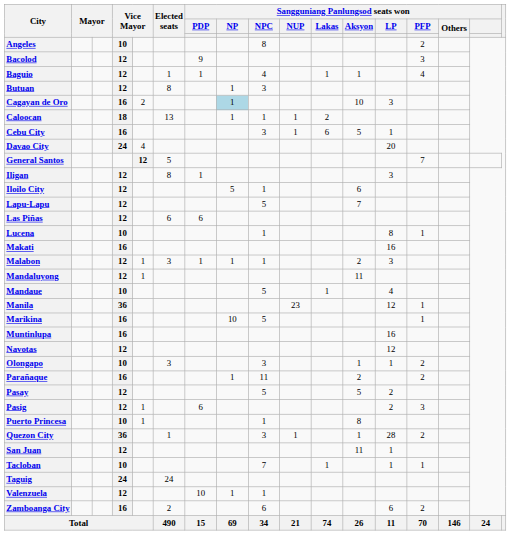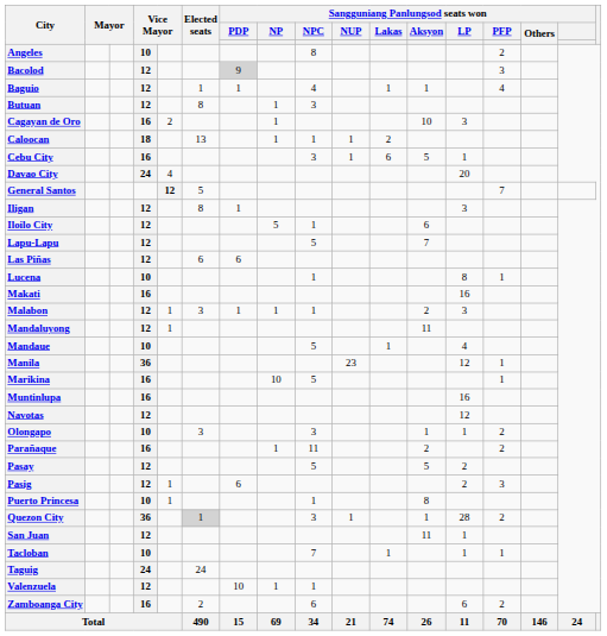 <table class="wikitable" style="text-align:center; font-size: 0.9em;">
 <tr>
 <th rowspan="3">City</th>
 <th colspan="2" rowspan="3" style="width:60px;">Mayor</th>
 <th colspan="2" rowspan="3" style="width:60px;">Vice Mayor</th>
 <th rowspan="3">Elected<br>seats</th>
 <th colspan="10"><a href='#'>Sangguniang Panlungsod</a> seats won</th>
 <th rowspan="3"></th>
 </tr>
 <tr>
 <th class="unsortable" style="width:45px;"><a href='#'>PDP</a></th>
 <th class="unsortable" style="width:45px;"><a href='#'>NP</a></th>
 <th class="unsortable" style="width:45px;"><a href='#'>NPC</a></th>
 <th class="unsortable" style="width:45px;"><a href='#'>NUP</a></th>
 <th class="unsortable" style="width:45px;"><a href='#'>Lakas</a></th>
 <th class="unsortable" style="width:45px;"><a href='#'>Aksyon</a></th>
 <th class="unsortable" style="width:45px;"><a href='#'>LP</a></th>
 <th class="unsortable" style="width:45px;"><a href='#'>PFP</a></th>
 <th rowspan="2" class="unsortable" style="width:45px;">Others</th>
 <th class="unsortable" style="width:45px;"></th>
 </tr>
 <tr>
 <th style="color:inherit;background:"></th>
 <th style="color:inherit;background:"></th>
 <th style="color:inherit;background:"></th>
 <th style="color:inherit;background:"></th>
 <th style="color:inherit;background:"></th>
 <th style="color:inherit;background:"></th>
 <th style="color:inherit;background:"></th>
 <th style="color:inherit;background:"></th>
 <th style="color:inherit;background:"></th>
 </tr>
 <tr>
 <th style="text-align: left;"><a href='#'>Angeles</a></th>
 <td></td>
 <td></td>
 <th>10</th>
 <td></td>
 <td></td>
 <td></td>
 <td></td>
 <td>8</td>
 <td></td>
 <td></td>
 <td></td>
 <td></td>
 <td>2</td>
 <td></td>
 </tr>
 <tr>
 <th style="text-align: left;"><a href='#'>Bacolod</a></th>
 <td></td>
 <td></td>
 <th>12</th>
 <td></td>
 <td></td>
-<td>9</td>
+<td style="background: lightgrey;">9</td>
 <td></td>
 <td></td>
 <td></td>
 <td></td>
 <td></td>
 <td></td>
 <td>3</td>
 <td></td>
 </tr>
 <tr>
 <th style="text-align: left;"><a href='#'>Baguio</a></th>
 <td></td>
 <td></td>
 <th>12</th>
 <td></td>
 <td>1</td>
 <td>1</td>
 <td></td>
 <td>4</td>
 <td></td>
 <td>1</td>
 <td>1</td>
 <td></td>
 <td>4</td>
 <td></td>
 </tr>
 <tr>
 <th style="text-align: left;"><a href='#'>Butuan</a></th>
 <td></td>
 <td></td>
 <th>12</th>
 <td></td>
 <td>8</td>
 <td></td>
 <td>1</td>
 <td>3</td>
 <td></td>
 <td></td>
 <td></td>
 <td></td>
 <td></td>
 <td></td>
 </tr>
 <tr>
 <th style="text-align: left;"><a href='#'>Cagayan de Oro</a></th>
 <td></td>
 <td></td>
 <th>16</th>
 <td>2</td>
 <td></td>
 <td></td>
-<td style="background: lightblue;">1</td>
+<td>1</td>
 <td></td>
 <td></td>
 <td></td>
 <td>10</td>
 <td>3</td>
 <td></td>
 <td></td>
 </tr>
 <tr>
 <th style="text-align: left;"><a href='#'>Caloocan</a></th>
 <td></td>
 <td></td>
 <th>18</th>
 <td></td>
 <td>13</td>
 <td></td>
 <td>1</td>
 <td>1</td>
 <td>1</td>
 <td>2</td>
 <td></td>
 <td></td>
 <td></td>
 <td></td>
 </tr>
 <tr>
 <th style="text-align: left;"><a href='#'>Cebu City</a></th>
 <td></td>
 <td></td>
 <th>16</th>
 <td></td>
 <td></td>
 <td></td>
 <td></td>
 <td>3</td>
 <td>1</td>
 <td>6</td>
 <td>5</td>
 <td>1</td>
 <td></td>
 <td></td>
 </tr>
 <tr>
 <th style="text-align: left;"><a href='#'>Davao City</a></th>
 <td></td>
 <td></td>
 <th>24</th>
 <td>4</td>
 <td></td>
 <td></td>
 <td></td>
 <td></td>
 <td></td>
 <td></td>
 <td></td>
 <td>20</td>
 <td></td>
 <td></td>
 </tr>
 <tr>
 <th style="text-align: left;"><a href='#'>General Santos</a></th>
 <td></td>
 <td></td>
 <td style="text-align: left;"></td>
 <th>12</th>
 <td>5</td>
 <td></td>
 <td></td>
 <td></td>
 <td></td>
 <td></td>
 <td></td>
 <td></td>
 <td>7</td>
 <td></td>
 <td></td>
 </tr>
 <tr>
 <th style="text-align: left;"><a href='#'>Iligan</a></th>
 <td></td>
 <td></td>
 <th>12</th>
 <td></td>
 <td>8</td>
 <td>1</td>
 <td></td>
 <td></td>
 <td></td>
 <td></td>
 <td></td>
 <td>3</td>
 <td></td>
 <td></td>
 </tr>
 <tr>
 <th style="text-align: left;"><a href='#'>Iloilo City</a></th>
 <td></td>
 <td></td>
 <th>12</th>
 <td></td>
 <td></td>
 <td></td>
 <td>5</td>
 <td>1</td>
 <td></td>
 <td></td>
 <td>6</td>
 <td></td>
 <td></td>
 <td></td>
 </tr>
 <tr>
 <th style="text-align: left;"><a href='#'>Lapu-Lapu</a></th>
 <td></td>
 <td></td>
 <th>12</th>
 <td></td>
 <td></td>
 <td></td>
 <td></td>
 <td>5</td>
 <td></td>
 <td></td>
 <td>7</td>
 <td></td>
 <td></td>
 <td></td>
 </tr>
 <tr>
 <th style="text-align: left;"><a href='#'>Las Piñas</a></th>
 <td></td>
 <td></td>
 <th>12</th>
 <td></td>
 <td>6</td>
 <td>6</td>
 <td></td>
 <td></td>
 <td></td>
 <td></td>
 <td></td>
 <td></td>
 <td></td>
 <td></td>
 </tr>
 <tr>
 <th style="text-align: left;"><a href='#'>Lucena</a></th>
 <td></td>
 <td></td>
 <th>10</th>
 <td></td>
 <td></td>
 <td></td>
 <td></td>
 <td>1</td>
 <td></td>
 <td></td>
 <td></td>
 <td>8</td>
 <td>1</td>
 <td></td>
 </tr>
 <tr>
 <th style="text-align: left;"><a href='#'>Makati</a></th>
 <td></td>
 <td></td>
 <th>16</th>
 <td></td>
 <td></td>
 <td></td>
 <td></td>
 <td></td>
 <td></td>
 <td></td>
 <td></td>
 <td>16</td>
 <td></td>
 <td></td>
 </tr>
 <tr>
 <th style="text-align: left;"><a href='#'>Malabon</a></th>
 <td></td>
 <td></td>
 <th>12</th>
 <td>1</td>
 <td>3</td>
 <td>1</td>
 <td>1</td>
 <td>1</td>
 <td></td>
 <td></td>
 <td>2</td>
 <td>3</td>
 <td></td>
 <td></td>
 </tr>
 <tr>
 <th style="text-align: left;"><a href='#'>Mandaluyong</a></th>
 <td></td>
 <td></td>
 <th>12</th>
 <td>1</td>
 <td></td>
 <td></td>
 <td></td>
 <td></td>
 <td></td>
 <td></td>
 <td>11</td>
 <td></td>
 <td></td>
 <td></td>
 </tr>
 <tr>
 <th style="text-align: left;"><a href='#'>Mandaue</a></th>
 <td></td>
 <td></td>
 <th>10</th>
 <td></td>
 <td></td>
 <td></td>
 <td></td>
 <td>5</td>
 <td></td>
 <td>1</td>
 <td></td>
 <td>4</td>
 <td></td>
 <td></td>
 </tr>
 <tr>
 <th style="text-align: left;"><a href='#'>Manila</a></th>
 <td></td>
 <td></td>
 <th>36</th>
 <td></td>
 <td></td>
 <td></td>
 <td></td>
 <td></td>
 <td>23</td>
 <td></td>
 <td></td>
 <td>12</td>
 <td>1</td>
 <td></td>
 </tr>
 <tr>
 <th style="text-align: left;"><a href='#'>Marikina</a></th>
 <td></td>
 <td></td>
 <th>16</th>
 <td></td>
 <td></td>
 <td></td>
 <td>10</td>
 <td>5</td>
 <td></td>
 <td></td>
 <td></td>
 <td></td>
 <td>1</td>
 <td></td>
 </tr>
 <tr>
 <th style="text-align: left;"><a href='#'>Muntinlupa</a></th>
 <td></td>
 <td></td>
 <th>16</th>
 <td></td>
 <td></td>
 <td></td>
 <td></td>
 <td></td>
 <td></td>
 <td></td>
 <td></td>
 <td>16</td>
 <td></td>
 <td></td>
 </tr>
 <tr>
 <th style="text-align: left;"><a href='#'>Navotas</a></th>
 <td></td>
 <td></td>
 <th>12</th>
 <td></td>
 <td></td>
 <td></td>
 <td></td>
 <td></td>
 <td></td>
 <td></td>
 <td></td>
 <td>12</td>
 <td></td>
 <td></td>
 </tr>
 <tr>
 <th style="text-align: left;"><a href='#'>Olongapo</a></th>
 <td></td>
 <td></td>
 <th>10</th>
 <td></td>
 <td>3</td>
 <td></td>
 <td></td>
 <td>3</td>
 <td></td>
 <td></td>
 <td>1</td>
 <td>1</td>
 <td>2</td>
 <td></td>
 </tr>
 <tr>
 <th style="text-align: left;"><a href='#'>Parañaque</a></th>
 <td></td>
 <td></td>
 <th>16</th>
 <td></td>
 <td></td>
 <td></td>
 <td>1</td>
 <td>11</td>
 <td></td>
 <td></td>
 <td>2</td>
 <td></td>
 <td>2</td>
 <td></td>
 </tr>
 <tr>
 <th style="text-align: left;"><a href='#'>Pasay</a></th>
 <td></td>
 <td></td>
 <th>12</th>
 <td></td>
 <td></td>
 <td></td>
 <td></td>
 <td>5</td>
 <td></td>
 <td></td>
 <td>5</td>
 <td>2</td>
 <td></td>
 <td></td>
 </tr>
 <tr>
 <th style="text-align: left;"><a href='#'>Pasig</a></th>
 <td></td>
 <td></td>
 <th>12</th>
 <td>1</td>
 <td></td>
 <td>6</td>
 <td></td>
 <td></td>
 <td></td>
 <td></td>
 <td></td>
 <td>2</td>
 <td>3</td>
 <td></td>
 </tr>
 <tr>
 <th style="text-align: left;"><a href='#'>Puerto Princesa</a></th>
 <td></td>
 <td></td>
 <th>10</th>
 <td>1</td>
 <td></td>
 <td></td>
 <td></td>
 <td>1</td>
 <td></td>
 <td></td>
 <td>8</td>
 <td></td>
 <td></td>
 <td></td>
 </tr>
 <tr>
 <th style="text-align: left;"><a href='#'>Quezon City</a></th>
 <td></td>
 <td></td>
 <th>36</th>
 <td></td>
-<td>1</td>
+<td style="background: lightgrey;">1</td>
 <td></td>
 <td></td>
 <td>3</td>
 <td>1</td>
 <td></td>
 <td>1</td>
 <td>28</td>
 <td>2</td>
 <td></td>
 </tr>
 <tr>
 <th style="text-align: left;"><a href='#'>San Juan</a></th>
 <td></td>
 <td></td>
 <th>12</th>
 <td></td>
 <td></td>
 <td></td>
 <td></td>
 <td></td>
 <td></td>
 <td></td>
 <td>11</td>
 <td>1</td>
 <td></td>
 <td></td>
 </tr>
 <tr>
 <th style="text-align: left;"><a href='#'>Tacloban</a></th>
 <td></td>
 <td></td>
 <th>10</th>
 <td></td>
 <td></td>
 <td></td>
 <td></td>
 <td>7</td>
 <td></td>
 <td>1</td>
 <td></td>
 <td>1</td>
 <td>1</td>
 <td></td>
 </tr>
 <tr>
 <th style="text-align: left;"><a href='#'>Taguig</a></th>
 <td></td>
 <td></td>
 <th>24</th>
 <td></td>
 <td>24</td>
 <td></td>
 <td></td>
 <td></td>
 <td></td>
 <td></td>
 <td></td>
 <td></td>
 <td></td>
 <td></td>
 </tr>
 <tr>
 <th style="text-align: left;"><a href='#'>Valenzuela</a></th>
 <td></td>
 <td></td>
 <th>12</th>
 <td></td>
 <td></td>
 <td>10</td>
 <td>1</td>
 <td>1</td>
 <td></td>
 <td></td>
 <td></td>
 <td></td>
 <td></td>
 <td></td>
 </tr>
 <tr>
 <th style="text-align: left;"><a href='#'>Zamboanga City</a></th>
 <td></td>
 <td></td>
 <th>16</th>
 <td></td>
 <td>2</td>
 <td></td>
 <td></td>
 <td>6</td>
 <td></td>
 <td></td>
 <td></td>
 <td>6</td>
 <td>2</td>
 <td></td>
 </tr>
 <tr>
 <th colspan="5">Total</th>
 <th>490</th>
 <th>15</th>
 <th>69</th>
 <th>34</th>
 <th>21</th>
 <th>74</th>
 <th>26</th>
 <th>11</th>
 <th>70</th>
 <th>146</th>
 <th>24</th>
 <th></th>
 </tr>
 </table>
